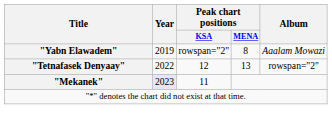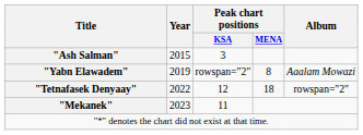 <table class="wikitable plainrowheaders" style="text-align:center;">
 <tr>
 <th scope="col" rowspan="2" style="width:15em;">Title</th>
 <th scope="col" rowspan="2" style="width:1em;">Year</th>
 <th colspan="2">Peak chart positions</th>
 <th scope="col" rowspan="2">Album</th>
 </tr>
 <tr>
 <th scope="col" style="width:3em;font-size:85%;"><a href='#'>KSA</a><br></th>
 <th scope="col" style="width:3em;font-size:85%;"><a href='#'>MENA</a><br></th>
 </tr>
 <tr>
+<th scope="row">"Ash Salman"<br></th>
+<td>2015</td>
+<td>3</td>
+<td></td>
+<td></td>
+</tr>
+<tr>
 <th scope="row">"Yabn Elawadem"</th>
 <td>2019</td>
 <td>rowspan="2" </td>
 <td>8</td>
 <td><em>Aaalam Mowazi</em></td>
 </tr>
 <tr>
 <th scope="row">"Tetnafasek Denyaay"</th>
 <td>2022</td>
 <td>12</td>
-<td>13</td>
+<td>18</td>
 <td>rowspan="2" </td>
 </tr>
 <tr>
 <th scope="row">"Mekanek"</th>
-<td style="background: lavender;">2023</td>
+<td>2023</td>
 <td>11</td>
 </tr>
 <tr>
 <td colspan="5" style="font-size:90%;">"*" denotes the chart did not exist at that time.</td>
 </tr>
 </table>
